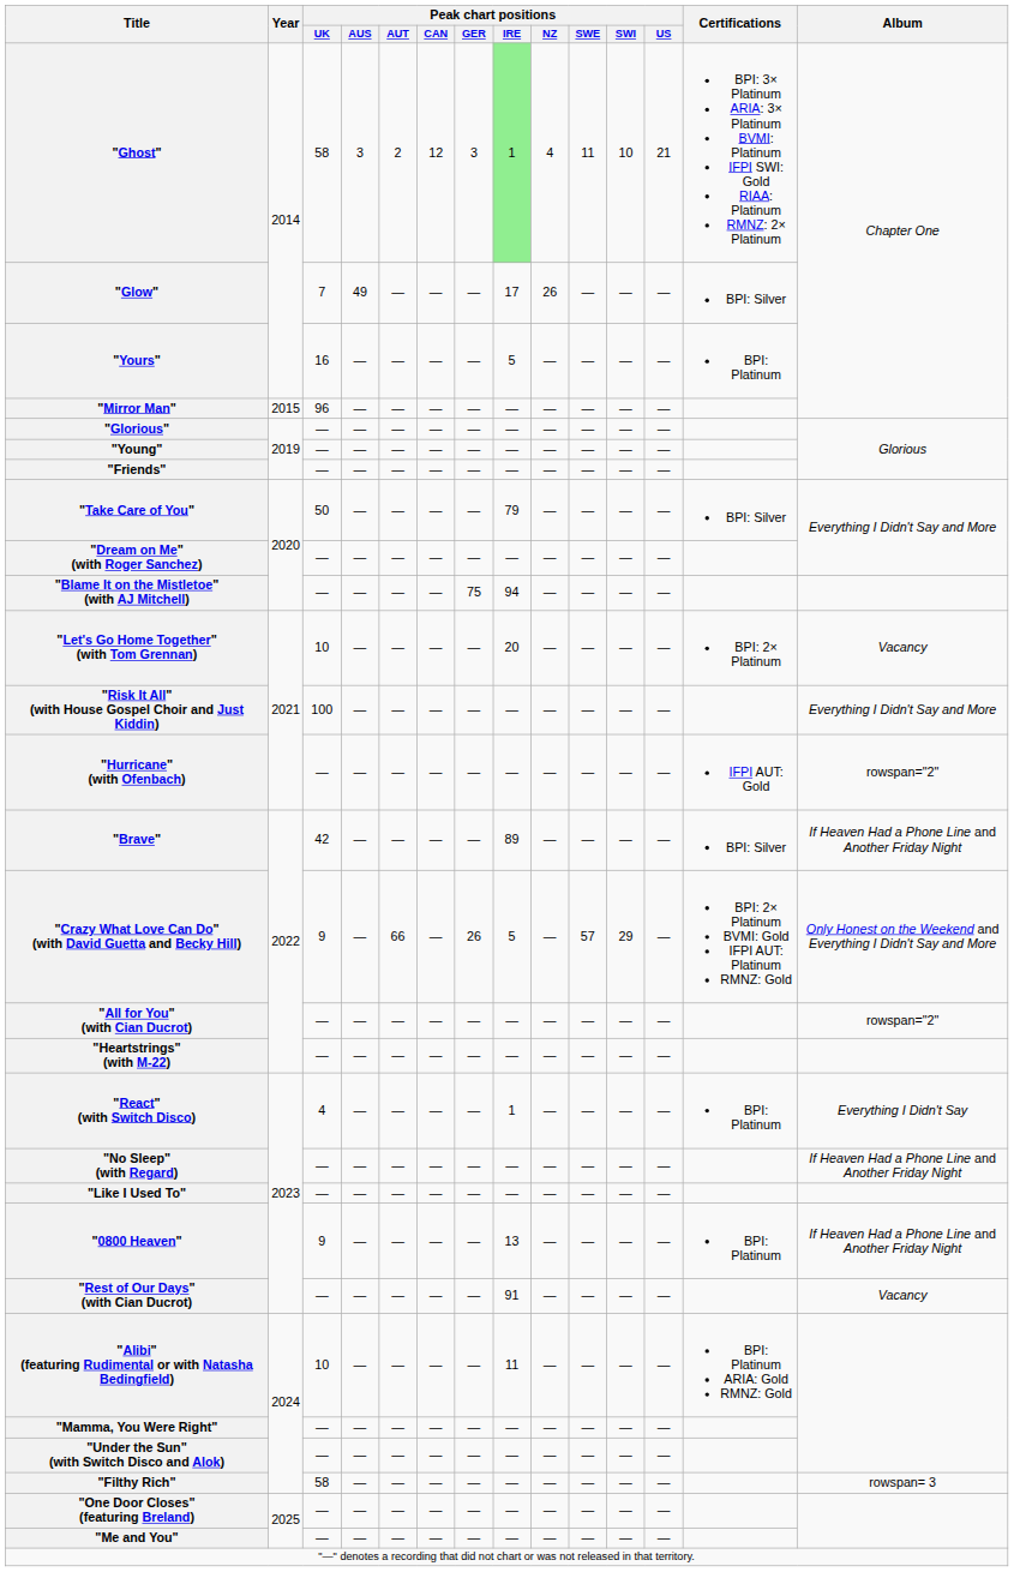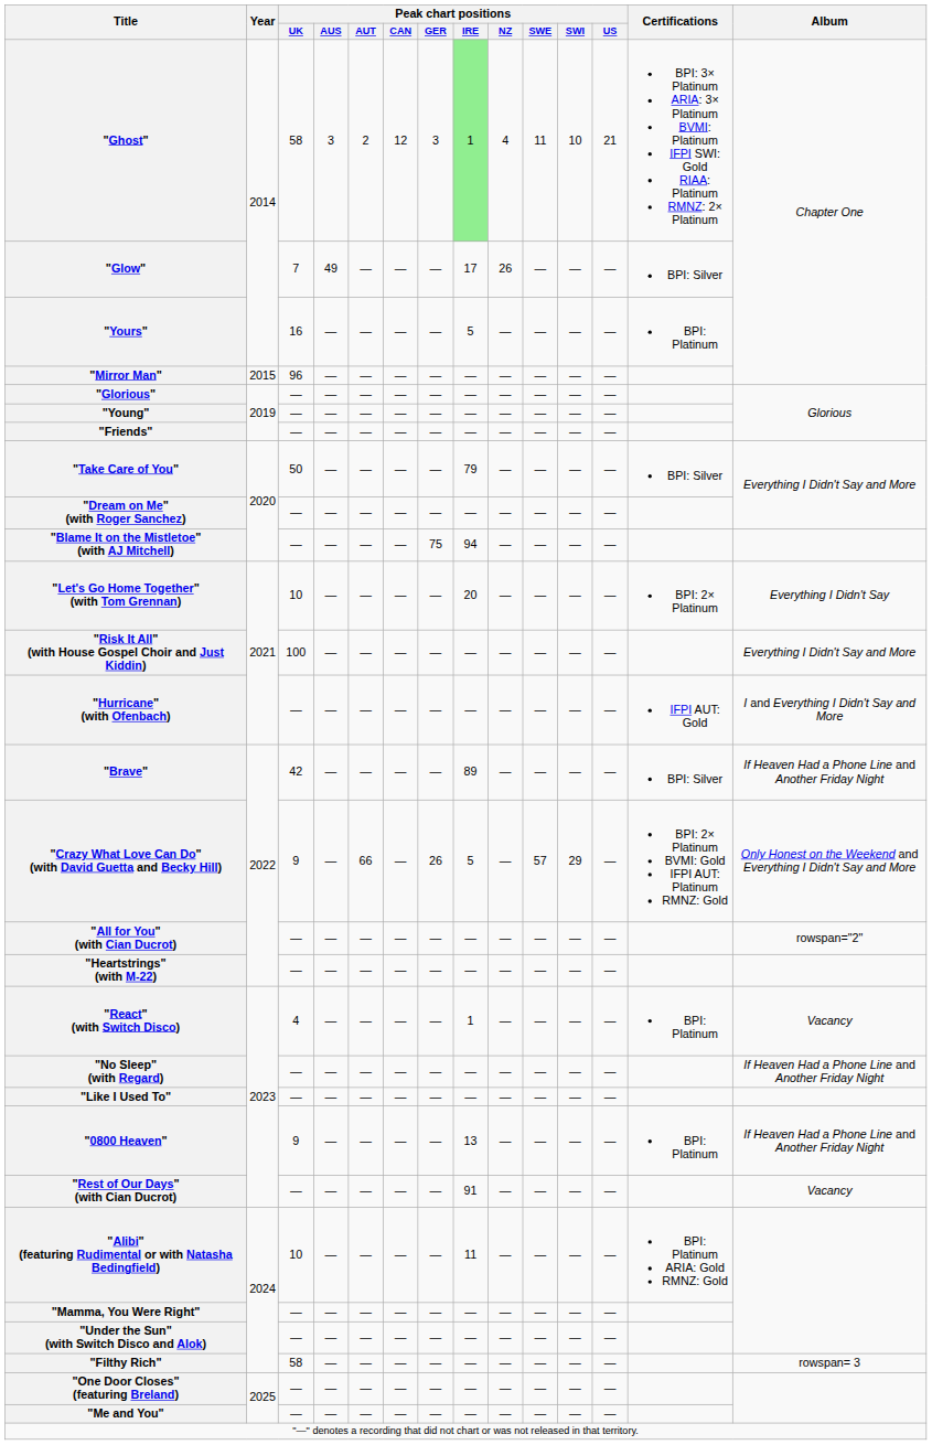 <table class="wikitable plainrowheaders" style="text-align:center;">
 <tr>
 <th scope="col" rowspan="2" style="width:20em;">Title</th>
 <th scope="col" rowspan="2" style="width:1em;">Year</th>
 <th scope="col" colspan="10">Peak chart positions</th>
 <th scope="col" rowspan="2">Certifications</th>
 <th scope="col" rowspan="2">Album</th>
 </tr>
 <tr>
 <th scope="col" style="width:3em;font-size:85%;"><a href='#'>UK</a><br></th>
 <th scope="col" style="width:3em;font-size:85%;"><a href='#'>AUS</a><br></th>
 <th scope="col" style="width:3em;font-size:85%;"><a href='#'>AUT</a><br></th>
 <th scope="col" style="width:3em;font-size:85%;"><a href='#'>CAN</a><br></th>
 <th scope="col" style="width:3em;font-size:85%;"><a href='#'>GER</a><br></th>
 <th scope="col" style="width:3em;font-size:85%;"><a href='#'>IRE</a><br></th>
 <th scope="col" style="width:3em;font-size:85%;"><a href='#'>NZ</a><br></th>
 <th scope="col" style="width:3em;font-size:85%;"><a href='#'>SWE</a><br></th>
 <th scope="col" style="width:3em;font-size:85%;"><a href='#'>SWI</a><br></th>
 <th scope="col" style="width:3em;font-size:85%;"><a href='#'>US</a><br></th>
 </tr>
 <tr>
 <th scope="row">"<a href='#'>Ghost</a>"</th>
 <td rowspan="3">2014</td>
 <td>58</td>
 <td>3</td>
 <td>2</td>
 <td>12</td>
 <td>3</td>
 <td style="background: lightgreen;">1</td>
 <td>4</td>
 <td>11</td>
 <td>10</td>
 <td>21</td>
 <td><br><ul><li>BPI: 3× Platinum</li><li><a href='#'>ARIA</a>: 3× Platinum</li><li><a href='#'>BVMI</a>: Platinum</li><li><a href='#'>IFPI</a> SWI: Gold</li><li><a href='#'>RIAA</a>: Platinum</li><li><a href='#'>RMNZ</a>: 2× Platinum</li></ul></td>
 <td rowspan="4"><em>Chapter One</em></td>
 </tr>
 <tr>
 <th scope="row">"<a href='#'>Glow</a>"</th>
 <td>7</td>
 <td>49</td>
 <td>—</td>
 <td>—</td>
 <td>—</td>
 <td>17</td>
 <td>26</td>
 <td>—</td>
 <td>—</td>
 <td>—</td>
 <td><br><ul><li>BPI: Silver</li></ul></td>
 </tr>
 <tr>
 <th scope="row">"<a href='#'>Yours</a>"</th>
 <td>16</td>
 <td>—</td>
 <td>—</td>
 <td>—</td>
 <td>—</td>
 <td>5</td>
 <td>—</td>
 <td>—</td>
 <td>—</td>
 <td>—</td>
 <td><br><ul><li>BPI: Platinum</li></ul></td>
 </tr>
 <tr>
 <th scope="row">"<a href='#'>Mirror Man</a>"</th>
 <td>2015</td>
 <td>96</td>
 <td>—</td>
 <td>—</td>
 <td>—</td>
 <td>—</td>
 <td>—</td>
 <td>—</td>
 <td>—</td>
 <td>—</td>
 <td>—</td>
 <td></td>
 </tr>
 <tr>
 <th scope="row">"<a href='#'>Glorious</a>"</th>
 <td rowspan="3">2019</td>
 <td>—</td>
 <td>—</td>
 <td>—</td>
 <td>—</td>
 <td>—</td>
 <td>—</td>
 <td>—</td>
 <td>—</td>
 <td>—</td>
 <td>—</td>
 <td></td>
 <td rowspan="3"><em>Glorious</em></td>
 </tr>
 <tr>
 <th scope="row">"Young"</th>
 <td>—</td>
 <td>—</td>
 <td>—</td>
 <td>—</td>
 <td>—</td>
 <td>—</td>
 <td>—</td>
 <td>—</td>
 <td>—</td>
 <td>—</td>
 <td></td>
 </tr>
 <tr>
 <th scope="row">"Friends"</th>
 <td>—</td>
 <td>—</td>
 <td>—</td>
 <td>—</td>
 <td>—</td>
 <td>—</td>
 <td>—</td>
 <td>—</td>
 <td>—</td>
 <td>—</td>
 <td></td>
 </tr>
 <tr>
 <th scope="row">"<a href='#'>Take Care of You</a>"</th>
 <td rowspan="3">2020</td>
 <td>50</td>
 <td>—</td>
 <td>—</td>
 <td>—</td>
 <td>—</td>
 <td>79</td>
 <td>—</td>
 <td>—</td>
 <td>—</td>
 <td>—</td>
 <td><br><ul><li>BPI: Silver</li></ul></td>
 <td rowspan="2"><em>Everything I Didn't Say and More</em></td>
 </tr>
 <tr>
 <th scope="row">"<a href='#'>Dream on Me</a>"<br><span>(with <a href='#'>Roger Sanchez</a>)</span></th>
 <td>—</td>
 <td>—</td>
 <td>—</td>
 <td>—</td>
 <td>—</td>
 <td>—</td>
 <td>—</td>
 <td>—</td>
 <td>—</td>
 <td>—</td>
 <td></td>
 </tr>
 <tr>
 <th scope="row">"<a href='#'>Blame It on the Mistletoe</a>"<br><span>(with <a href='#'>AJ Mitchell</a>)</span></th>
 <td>—</td>
 <td>—</td>
 <td>—</td>
 <td>—</td>
 <td>75</td>
 <td>94</td>
 <td>—</td>
 <td>—</td>
 <td>—</td>
 <td>—</td>
 <td></td>
 <td></td>
 </tr>
 <tr>
 <th scope="row">"<a href='#'>Let's Go Home Together</a>"<br><span>(with <a href='#'>Tom Grennan</a>)</span></th>
 <td rowspan="3">2021</td>
 <td>10</td>
 <td>—</td>
 <td>—</td>
 <td>—</td>
 <td>—</td>
 <td>20<br></td>
 <td>—</td>
 <td>—</td>
 <td>—</td>
 <td>—</td>
 <td><br><ul><li>BPI: 2× Platinum</li></ul></td>
-<td><em>Vacancy</em></td>
+<td><em>Everything I Didn't Say</em></td>
 </tr>
 <tr>
 <th scope="row">"<a href='#'>Risk It All</a>"<br><span>(with House Gospel Choir and <a href='#'>Just Kiddin</a>)</span></th>
 <td>100</td>
 <td>—</td>
 <td>—</td>
 <td>—</td>
 <td>—</td>
 <td>—</td>
 <td>—</td>
 <td>—</td>
 <td>—</td>
 <td>—</td>
 <td></td>
 <td><em>Everything I Didn't Say and More</em></td>
 </tr>
 <tr>
 <th scope="row">"<a href='#'>Hurricane</a>"<br><span>(with <a href='#'>Ofenbach</a>)</span></th>
 <td>—</td>
 <td>—</td>
 <td>—</td>
 <td>—</td>
 <td>—</td>
 <td>—</td>
 <td>—</td>
 <td>—</td>
 <td>—</td>
 <td>—</td>
 <td><br><ul><li><a href='#'>IFPI</a> AUT: Gold</li></ul></td>
-<td>rowspan="2" </td>
+<td><em>I</em> and <em>Everything I Didn't Say and More</em></td>
 </tr>
 <tr>
 <th scope="row">"<a href='#'>Brave</a>"</th>
 <td rowspan="4">2022</td>
 <td>42</td>
 <td>—</td>
 <td>—</td>
 <td>—</td>
 <td>—</td>
 <td>89</td>
 <td>—</td>
 <td>—</td>
 <td>—</td>
 <td>—</td>
 <td><br><ul><li>BPI: Silver</li></ul></td>
 <td><em>If Heaven Had a Phone Line</em> and <em>Another Friday Night</em></td>
 </tr>
 <tr>
 <th scope="row">"<a href='#'>Crazy What Love Can Do</a>"<br><span>(with <a href='#'>David Guetta</a> and <a href='#'>Becky Hill</a>)</span></th>
 <td>9</td>
 <td>—</td>
 <td>66</td>
 <td>—</td>
 <td>26</td>
 <td>5</td>
 <td>—</td>
 <td>57</td>
 <td>29</td>
 <td>—</td>
 <td><br><ul><li>BPI: 2× Platinum</li><li>BVMI: Gold</li><li>IFPI AUT: Platinum</li><li>RMNZ: Gold</li></ul></td>
 <td><em><a href='#'>Only Honest on the Weekend</a></em>  and <em>Everything I Didn't Say and More</em></td>
 </tr>
 <tr>
 <th scope="row">"<a href='#'>All for You</a>"<br><span>(with <a href='#'>Cian Ducrot</a>)</span></th>
 <td>—</td>
 <td>—</td>
 <td>—</td>
 <td>—</td>
 <td>—</td>
 <td>—</td>
 <td>—</td>
 <td>—</td>
 <td>—</td>
 <td>—</td>
 <td></td>
 <td>rowspan="2" </td>
 </tr>
 <tr>
 <th scope="row">"Heartstrings"<br><span>(with <a href='#'>M-22</a>)</span></th>
 <td>—</td>
 <td>—</td>
 <td>—</td>
 <td>—</td>
 <td>—</td>
 <td>—</td>
 <td>—</td>
 <td>—</td>
 <td>—</td>
 <td>—</td>
 <td></td>
 </tr>
 <tr>
 <th scope="row">"<a href='#'>React</a>"<br><span>(with <a href='#'>Switch Disco</a>)</span></th>
 <td rowspan="5">2023</td>
 <td>4</td>
 <td>—</td>
 <td>—</td>
 <td>—</td>
 <td>—</td>
 <td>1</td>
 <td>—</td>
 <td>—</td>
 <td>—</td>
 <td>—</td>
 <td><br><ul><li>BPI: Platinum</li></ul></td>
-<td><em>Everything I Didn't Say</em></td>
+<td><em>Vacancy</em></td>
 </tr>
 <tr>
 <th scope="row">"No Sleep"<br><span>(with <a href='#'>Regard</a>)</span></th>
 <td>—</td>
 <td>—</td>
 <td>—</td>
 <td>—</td>
 <td>—</td>
 <td>—</td>
 <td>—</td>
 <td>—</td>
 <td>—</td>
 <td>—</td>
 <td></td>
 <td><em>If Heaven Had a Phone Line</em> and <em>Another Friday Night</em></td>
 </tr>
 <tr>
 <th scope="row">"Like I Used To"<br></th>
 <td>—</td>
 <td>—</td>
 <td>—</td>
 <td>—</td>
 <td>—</td>
 <td>—</td>
 <td>—</td>
 <td>—</td>
 <td>—</td>
 <td>—</td>
 <td></td>
 </tr>
 <tr>
 <th scope="row">"<a href='#'>0800 Heaven</a>"<br></th>
 <td>9</td>
 <td>—</td>
 <td>—</td>
 <td>—</td>
 <td>—</td>
 <td>13</td>
 <td>—</td>
 <td>—</td>
 <td>—</td>
 <td>—</td>
 <td><br><ul><li>BPI: Platinum</li></ul></td>
 <td><em>If Heaven Had a Phone Line</em> and <em>Another Friday Night</em></td>
 </tr>
 <tr>
 <th scope="row">"<a href='#'>Rest of Our Days</a>"<br><span>(with Cian Ducrot)</span></th>
 <td>—</td>
 <td>—</td>
 <td>—</td>
 <td>—</td>
 <td>—</td>
 <td>91</td>
 <td>—</td>
 <td>—</td>
 <td>—</td>
 <td>—</td>
 <td></td>
 <td><em>Vacancy</em></td>
 </tr>
 <tr>
 <th scope="row">"<a href='#'>Alibi</a>"<br><span>(featuring <a href='#'>Rudimental</a> or with <a href='#'>Natasha Bedingfield</a>)</span></th>
 <td rowspan=4>2024</td>
 <td>10</td>
 <td>—</td>
 <td>—</td>
 <td>—</td>
 <td>—</td>
 <td>11</td>
 <td>—</td>
 <td>—</td>
 <td>—</td>
 <td>—</td>
 <td><br><ul><li>BPI: Platinum</li><li>ARIA: Gold</li><li>RMNZ: Gold</li></ul></td>
 </tr>
 <tr>
 <th scope="row">"Mamma, You Were Right"</th>
 <td>—</td>
 <td>—</td>
 <td>—</td>
 <td>—</td>
 <td>—</td>
 <td>—</td>
 <td>—</td>
 <td>—</td>
 <td>—</td>
 <td>—</td>
 <td></td>
 </tr>
 <tr>
 <th scope="row">"Under the Sun"<br><span>(with Switch Disco and <a href='#'>Alok</a>)</span></th>
 <td>—</td>
 <td>—</td>
 <td>—</td>
 <td>—</td>
 <td>—</td>
 <td>—</td>
 <td>—</td>
 <td>—</td>
 <td>—</td>
 <td>—</td>
 <td></td>
 </tr>
 <tr>
 <th scope="row">"Filthy Rich"</th>
 <td>58</td>
 <td>—</td>
 <td>—</td>
 <td>—</td>
 <td>—</td>
 <td>—</td>
 <td>—</td>
 <td>—</td>
 <td>—</td>
 <td>—</td>
 <td></td>
 <td>rowspan= 3 </td>
 </tr>
 <tr>
 <th scope="row">"One Door Closes"<br><span>(featuring <a href='#'>Breland</a>)</span></th>
 <td rowspan=2>2025</td>
 <td>—</td>
 <td>—</td>
 <td>—</td>
 <td>—</td>
 <td>—</td>
 <td>—</td>
 <td>—</td>
 <td>—</td>
 <td>—</td>
 <td>—</td>
 <td></td>
 </tr>
 <tr>
 <th scope="row">"Me and You"</th>
 <td>—</td>
 <td>—</td>
 <td>—</td>
 <td>—</td>
 <td>—</td>
 <td>—</td>
 <td>—</td>
 <td>—</td>
 <td>—</td>
 <td>—</td>
 <td></td>
 </tr>
 <tr>
 <td style="font-size:85%" colspan="20">"—" denotes a recording that did not chart or was not released in that territory.</td>
 </tr>
 </table>
